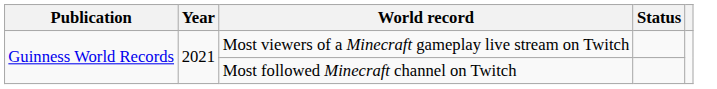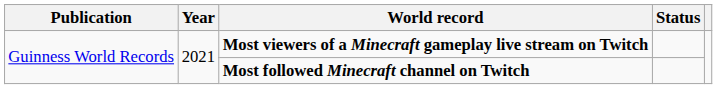 <table class="wikitable sortable plainrowheaders">
 <tr>
 <th>Publication</th>
 <th>Year</th>
 <th>World record</th>
 <th> Status</th>
 <th class="unsortable"></th>
 </tr>
 <tr>
 <td rowspan="2"><a href='#'>Guinness World Records</a></td>
 <td rowspan="2">2021</td>
-<td>Most viewers of a <em>Minecraft</em> gameplay live stream on Twitch</td>
+<td><strong>Most viewers of a <em>Minecraft</em> gameplay live stream on Twitch</strong></td>
 <td></td>
 <td rowspan="2" style="text-align:center;"></td>
 </tr>
 <tr>
-<td>Most followed <em>Minecraft</em> channel on Twitch</td>
+<td><strong>Most followed <em>Minecraft</em> channel on Twitch</strong></td>
 <td></td>
 </tr>
 </table>
